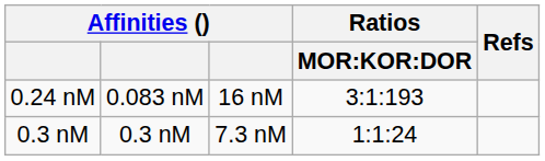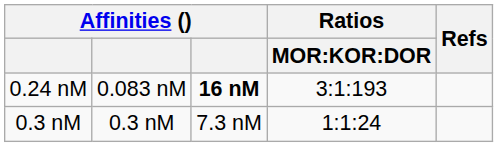 <table class="wikitable floatright" style="text-align: center;">
 <tr>
 <th colspan="3"><a href='#'>Affinities</a> ()</th>
 <th>Ratios</th>
 <th rowspan="2">Refs</th>
 </tr>
 <tr>
 <th></th>
 <th></th>
 <th></th>
 <th>MOR:KOR:DOR</th>
 </tr>
 <tr>
 <td>0.24 nM</td>
 <td>0.083 nM</td>
-<td>16 nM</td>
+<td><strong>16 nM</strong></td>
 <td>3:1:193</td>
 <td></td>
 </tr>
 <tr>
 <td>0.3 nM</td>
 <td>0.3 nM</td>
 <td>7.3 nM</td>
 <td>1:1:24</td>
 <td></td>
 </tr>
 </table>
